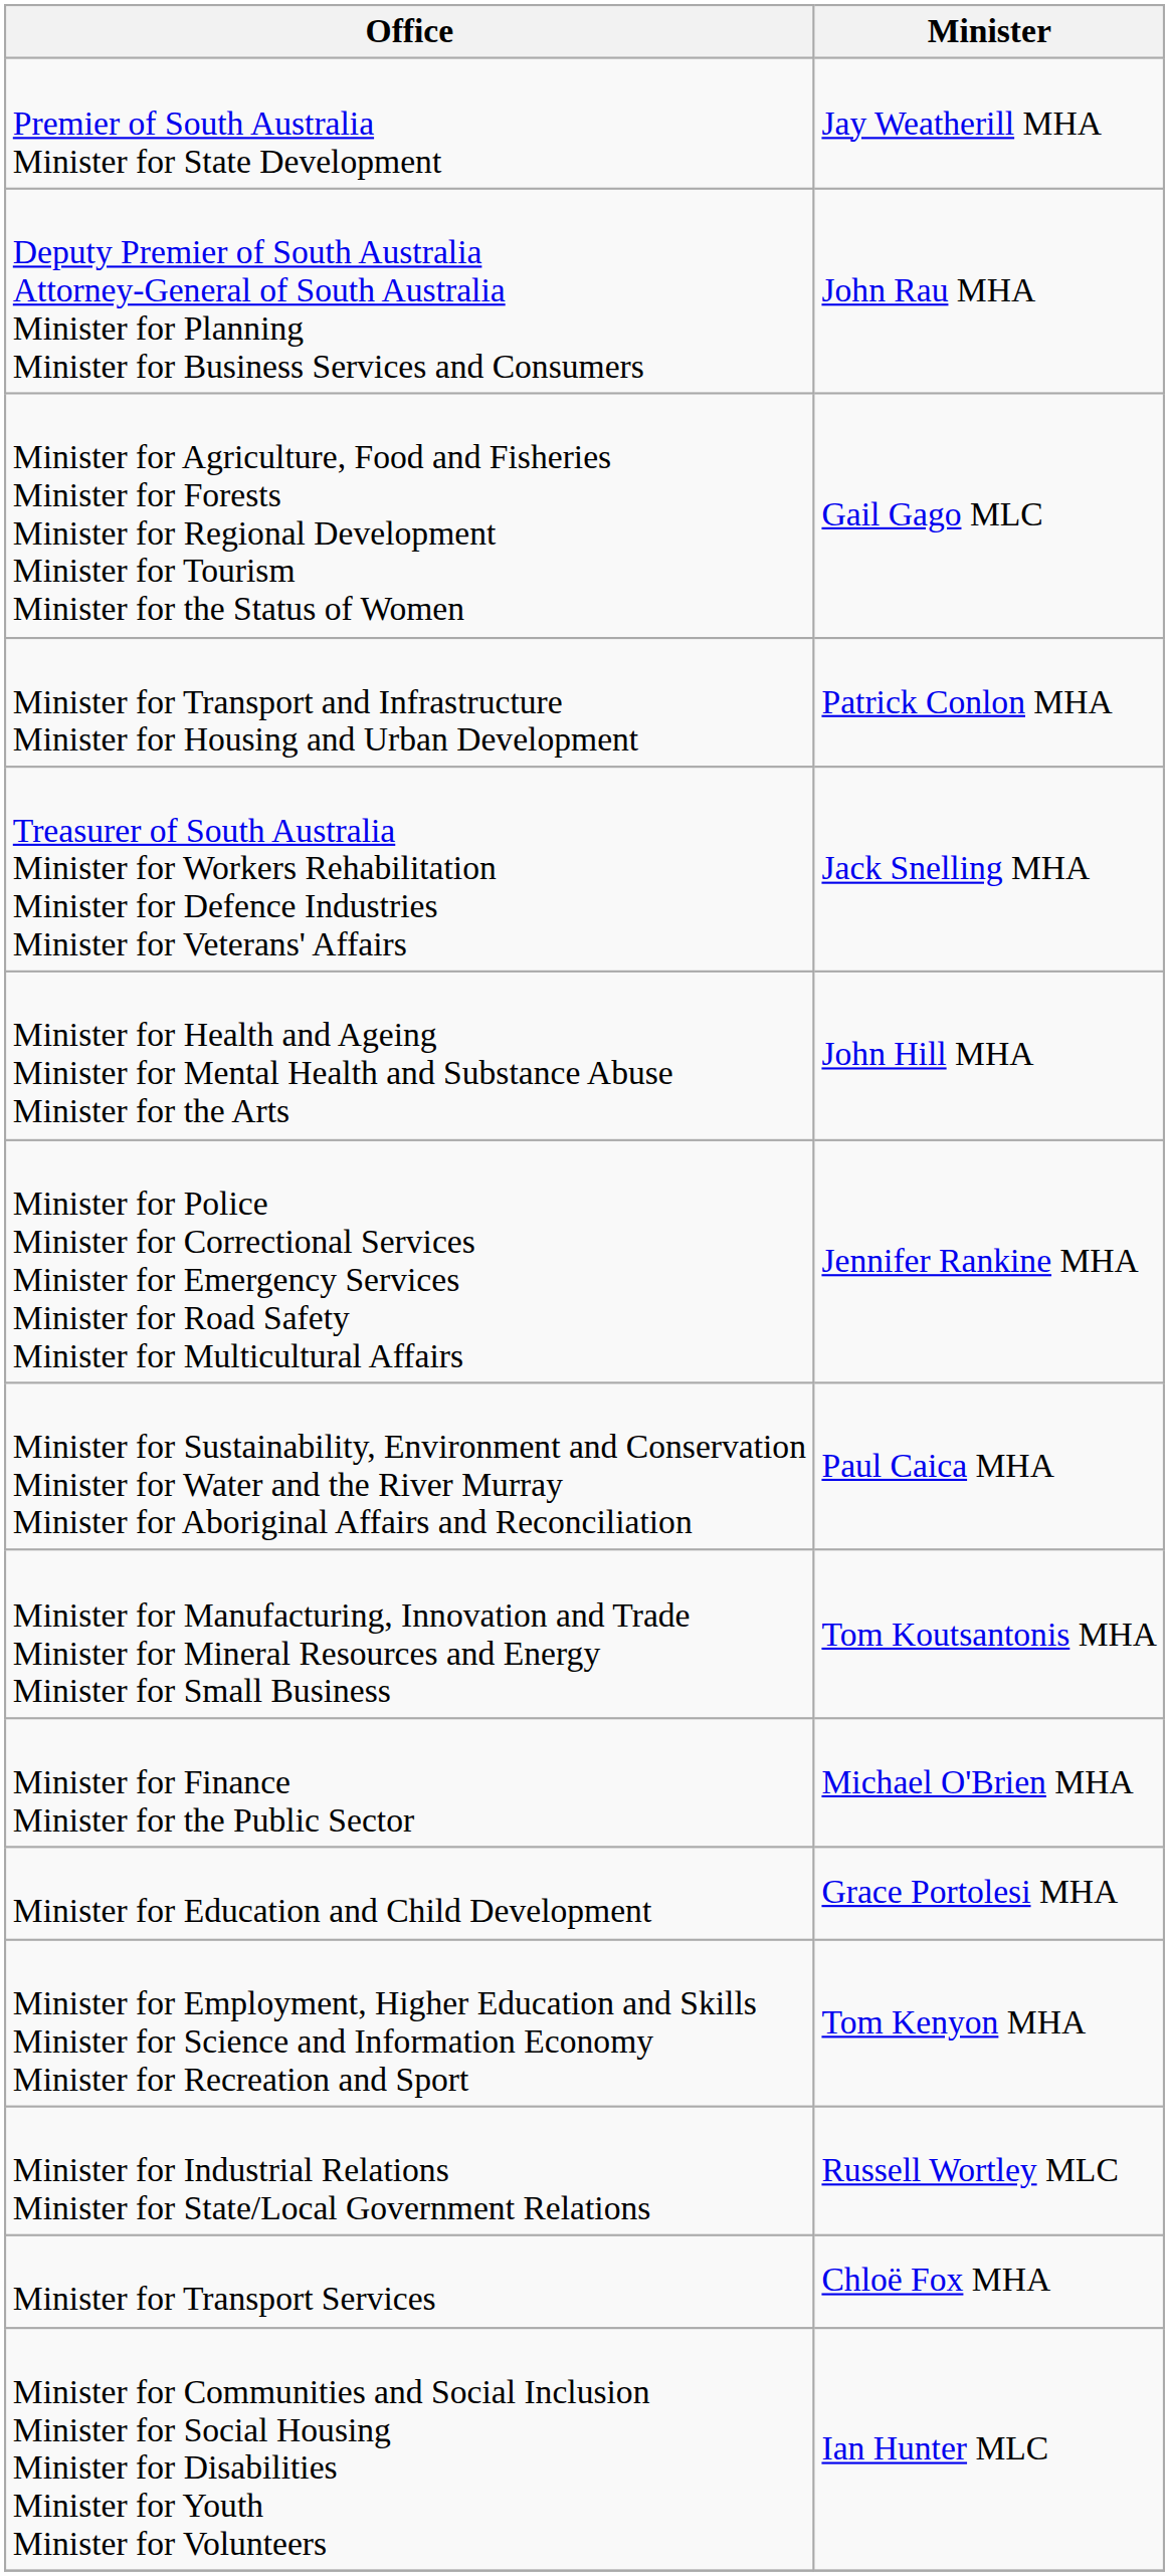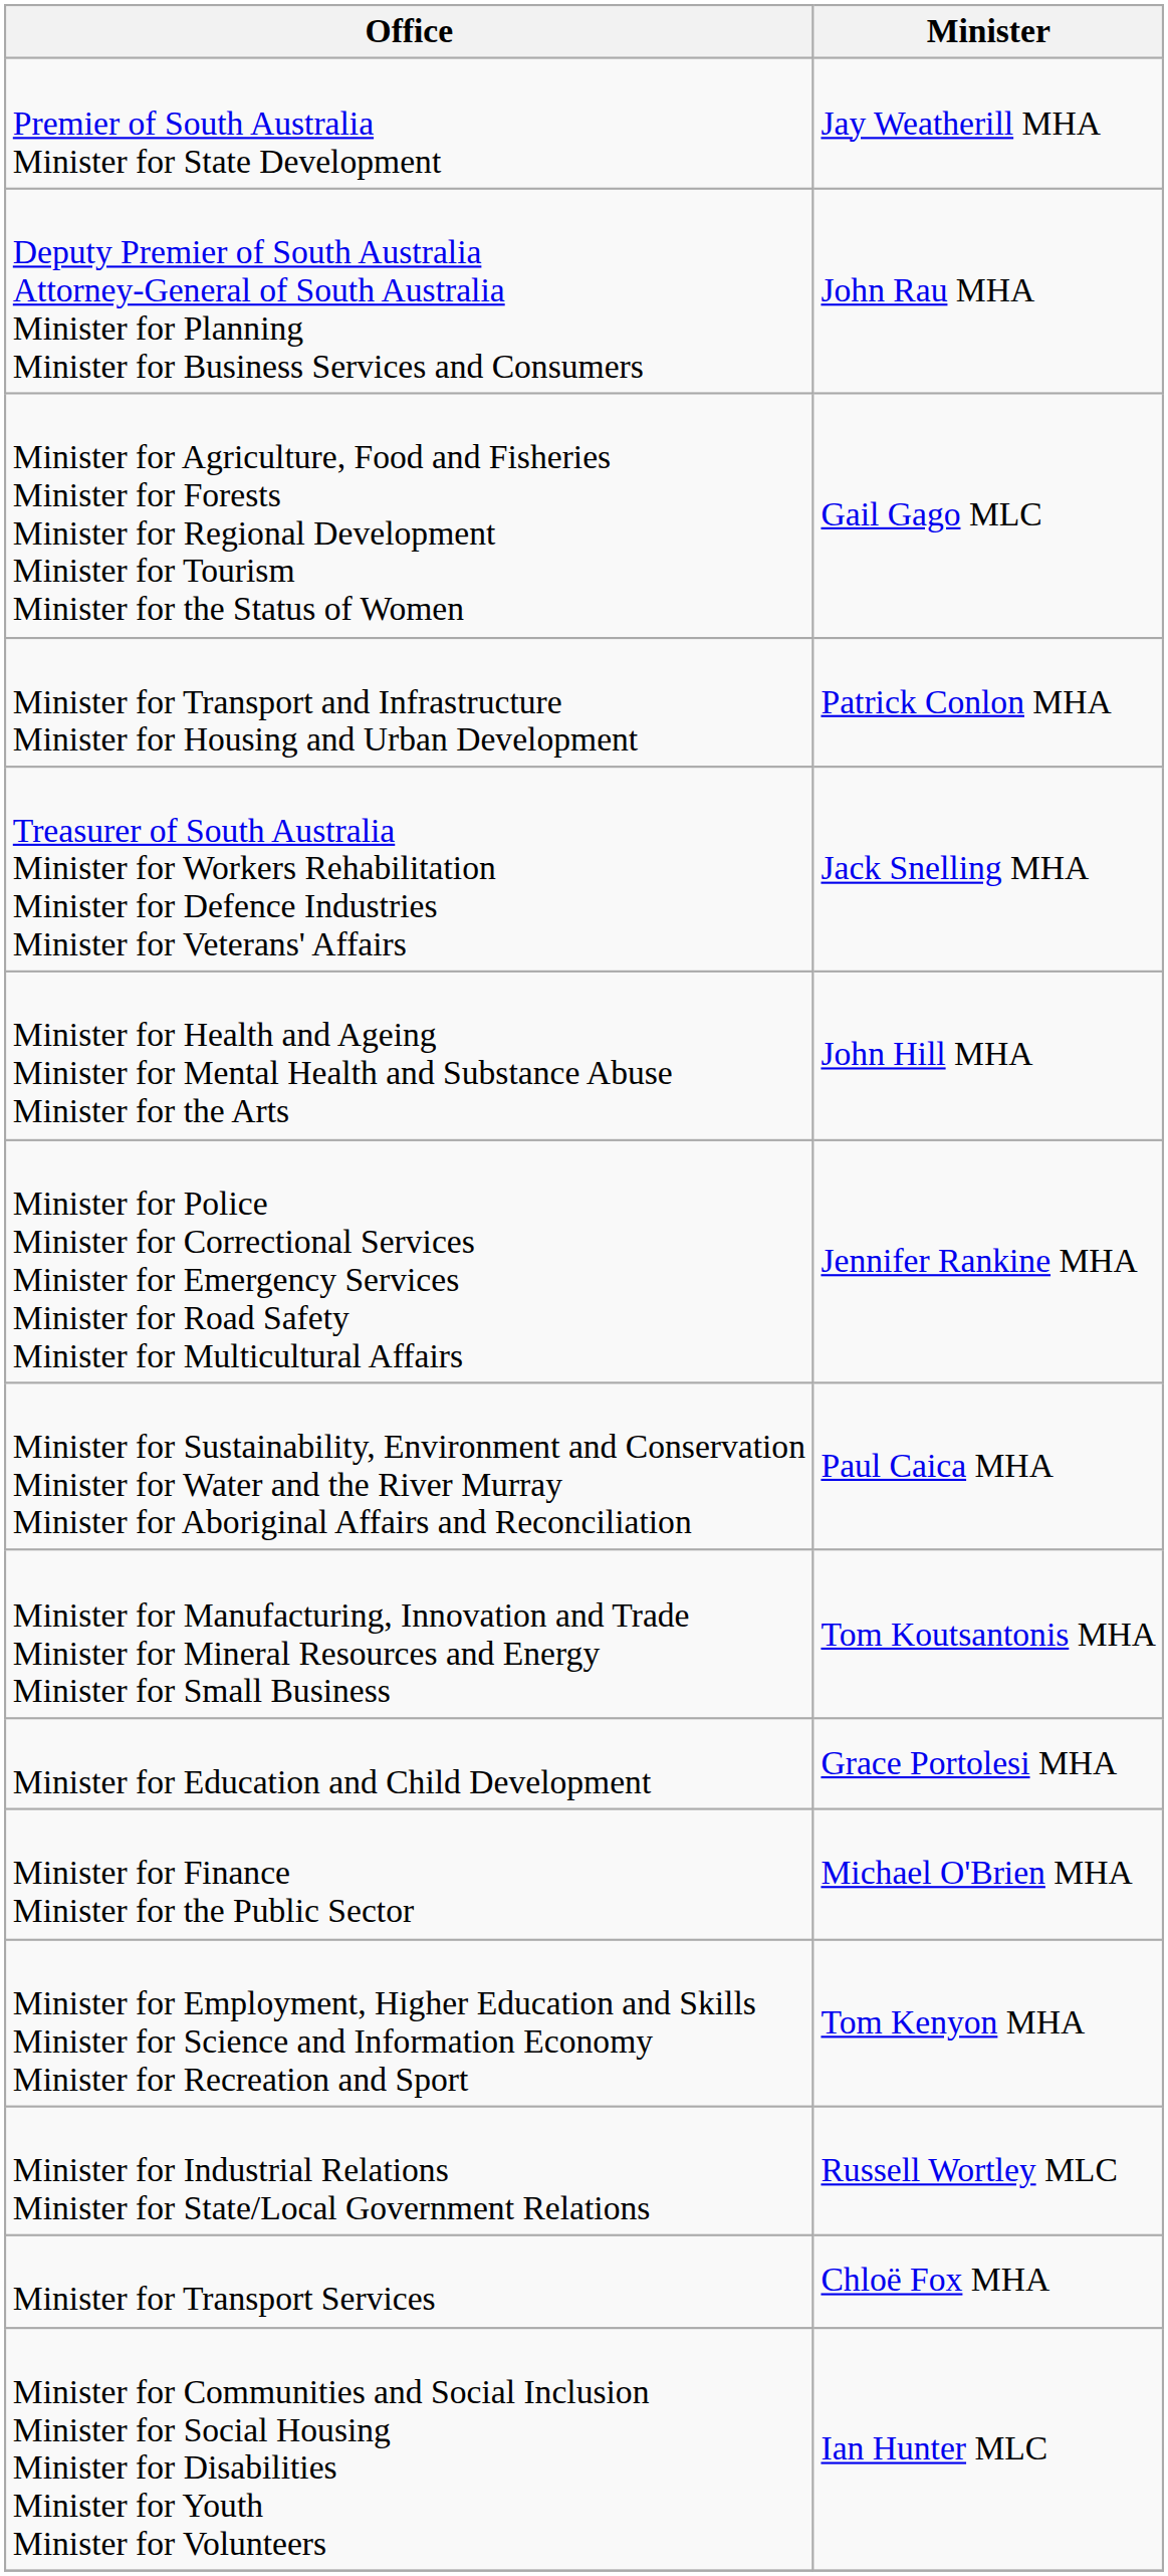 <table class="wikitable">
 <tr>
 <th>Office</th>
 <th>Minister</th>
 </tr>
 <tr>
 <td><br><a href='#'>Premier of South Australia</a><br> Minister for State Development</td>
 <td><a href='#'>Jay Weatherill</a> MHA</td>
 </tr>
 <tr>
 <td><br><a href='#'>Deputy Premier of South Australia</a><br> <a href='#'>Attorney-General of South Australia</a><br> Minister for Planning<br> Minister for Business Services and Consumers</td>
 <td><a href='#'>John Rau</a> MHA</td>
 </tr>
 <tr>
 <td><br>Minister for Agriculture, Food and Fisheries<br> Minister for Forests<br> Minister for Regional Development<br> Minister for Tourism<br> Minister for the Status of Women</td>
 <td><a href='#'>Gail Gago</a> MLC</td>
 </tr>
 <tr>
 <td><br>Minister for Transport and Infrastructure<br> Minister for Housing and Urban Development</td>
 <td><a href='#'>Patrick Conlon</a> MHA</td>
 </tr>
 <tr>
 <td><br><a href='#'>Treasurer of South Australia</a><br> Minister for Workers Rehabilitation<br> Minister for Defence Industries<br> Minister for Veterans' Affairs</td>
 <td><a href='#'>Jack Snelling</a> MHA</td>
 </tr>
 <tr>
 <td><br>Minister for Health and Ageing<br> Minister for Mental Health and Substance Abuse<br> Minister for the Arts</td>
 <td><a href='#'>John Hill</a> MHA</td>
 </tr>
 <tr>
 <td><br>Minister for Police<br> Minister for Correctional Services<br> Minister for Emergency Services<br> Minister for Road Safety<br> Minister for Multicultural Affairs<br></td>
 <td><a href='#'>Jennifer Rankine</a> MHA</td>
 </tr>
 <tr>
 <td><br>Minister for Sustainability, Environment and Conservation<br> Minister for Water and the River Murray<br> Minister for Aboriginal Affairs and Reconciliation</td>
 <td><a href='#'>Paul Caica</a> MHA</td>
 </tr>
 <tr>
 <td><br>Minister for Manufacturing, Innovation and Trade<br> Minister for Mineral Resources and Energy<br> Minister for Small Business<br></td>
 <td><a href='#'>Tom Koutsantonis</a> MHA</td>
 </tr>
 <tr>
+<td><br>Minister for Education and Child Development</td>
+<td><a href='#'>Grace Portolesi</a> MHA</td>
+</tr>
+<tr>
 <td><br>Minister for Finance<br> Minister for the Public Sector</td>
 <td><a href='#'>Michael O'Brien</a> MHA</td>
-</tr>
-<tr>
-<td><br>Minister for Education and Child Development</td>
-<td><a href='#'>Grace Portolesi</a> MHA</td>
 </tr>
 <tr>
 <td><br>Minister for Employment, Higher Education and Skills<br> Minister for Science and Information Economy<br> Minister for Recreation and Sport<br></td>
 <td><a href='#'>Tom Kenyon</a> MHA</td>
 </tr>
 <tr>
 <td><br>Minister for Industrial Relations<br> Minister for State/Local Government Relations</td>
 <td><a href='#'>Russell Wortley</a> MLC</td>
 </tr>
 <tr>
 <td><br>Minister for Transport Services</td>
 <td><a href='#'>Chloë Fox</a> MHA</td>
 </tr>
 <tr>
 <td><br>Minister for Communities and Social Inclusion<br> Minister for Social Housing<br> Minister for Disabilities<br> Minister for Youth<br> Minister for Volunteers</td>
 <td><a href='#'>Ian Hunter</a> MLC</td>
 </tr>
 <tr>
 </tr>
 </table>
